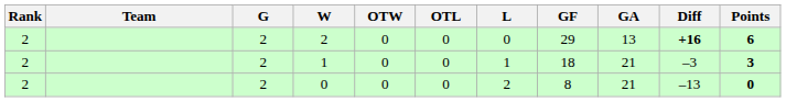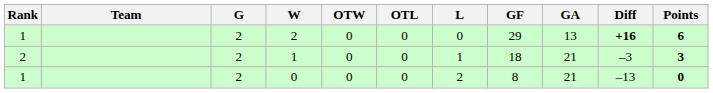 <table class=wikitable style="text-align:center">
 <tr>
 <th width="25">Rank</th>
 <th width="200">Team</th>
 <th width="60">G</th>
 <th width="60">W</th>
 <th width="60">OTW</th>
 <th width="60">OTL</th>
 <th width="60">L</th>
 <th width="60">GF</th>
 <th width="60">GA</th>
 <th width="60">Diff</th>
 <th width="60">Points</th>
 </tr>
 <tr bgcolor=#CCFFCC>
-<td>2</td>
+<td>1</td>
 <td align=left></td>
 <td>2</td>
 <td>2</td>
 <td>0</td>
 <td>0</td>
 <td>0</td>
 <td>29</td>
 <td>13</td>
 <td><strong>+16</strong></td>
 <td><strong>6</strong></td>
 </tr>
 <tr bgcolor=#CCFFCC>
 <td>2</td>
 <td align=left></td>
 <td>2</td>
 <td>1</td>
 <td>0</td>
 <td>0</td>
 <td>1</td>
 <td>18</td>
 <td>21</td>
 <td>–3</td>
 <td><strong>3</strong></td>
 </tr>
 <tr bgcolor=#CCFFCC>
-<td>2</td>
+<td>1</td>
 <td align=left></td>
 <td>2</td>
 <td>0</td>
 <td>0</td>
 <td>0</td>
 <td>2</td>
 <td>8</td>
 <td>21</td>
 <td>–13</td>
 <td><strong>0</strong></td>
 </tr>
 </table>
